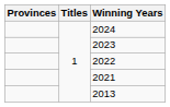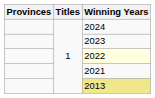 <table class="wikitable" style="font-size: 90%;">
 <tr>
 <th>Provinces</th>
 <th>Titles</th>
 <th>Winning Years</th>
 </tr>
 <tr>
 <td></td>
 <td rowspan="19" align="center">1</td>
 <td>2024</td>
 </tr>
 <tr>
 <td></td>
 <td>2023</td>
 </tr>
 <tr>
 <td></td>
-<td>2022</td>
+<td style="background: lightyellow;">2022</td>
 </tr>
 <tr>
 <td></td>
 <td>2021</td>
 </tr>
 <tr>
 <td></td>
-<td>2013</td>
+<td style="background: khaki;">2013</td>
 </tr>
 </table>
